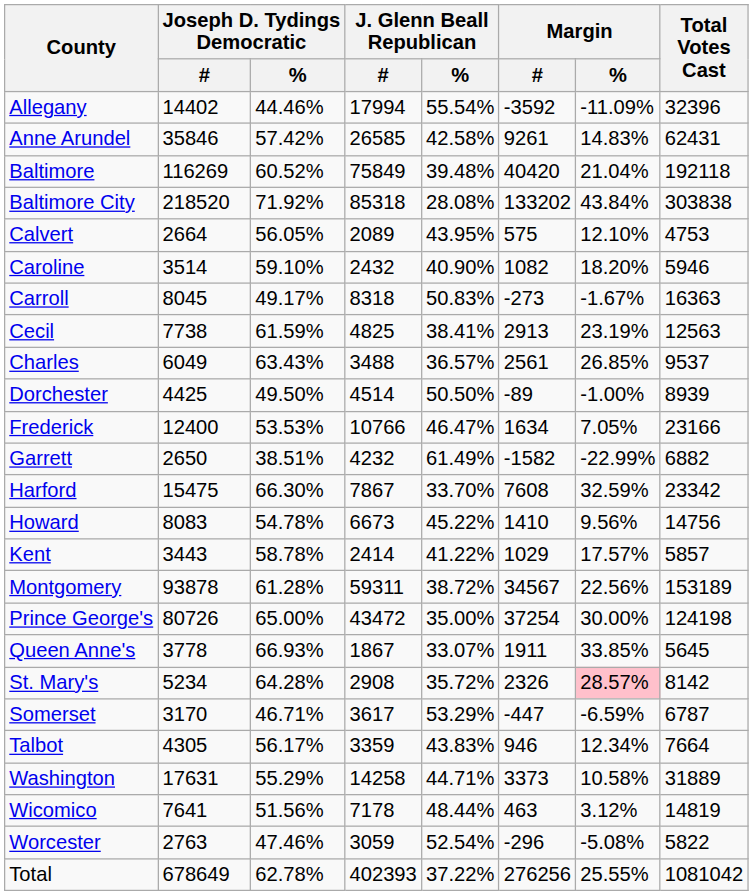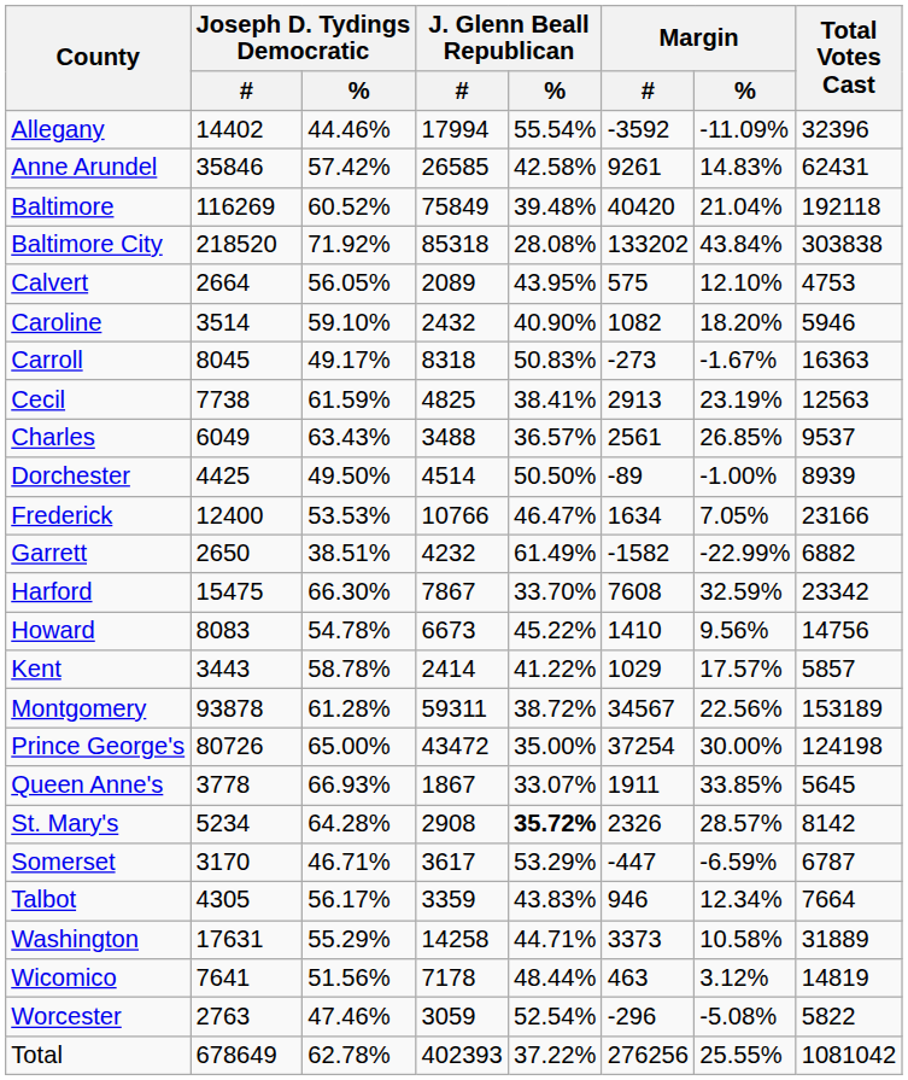 <table class="wikitable sortable">
 <tr>
 <th rowspan="2">County</th>
 <th colspan="2" >Joseph D. Tydings<br>Democratic</th>
 <th colspan="2" >J. Glenn Beall<br>Republican</th>
 <th colspan="2">Margin</th>
 <th rowspan="2">Total<br>Votes<br>Cast</th>
 </tr>
 <tr>
 <th>#</th>
 <th>%</th>
 <th>#</th>
 <th>%</th>
 <th>#</th>
 <th>%</th>
 </tr>
 <tr>
 <td><a href='#'>Allegany</a></td>
 <td>14402</td>
 <td>44.46%</td>
 <td>17994</td>
 <td>55.54%</td>
 <td>-3592</td>
 <td>-11.09%</td>
 <td>32396</td>
 </tr>
 <tr>
 <td><a href='#'>Anne Arundel</a></td>
 <td>35846</td>
 <td>57.42%</td>
 <td>26585</td>
 <td>42.58%</td>
 <td>9261</td>
 <td>14.83%</td>
 <td>62431</td>
 </tr>
 <tr>
 <td><a href='#'>Baltimore</a></td>
 <td>116269</td>
 <td>60.52%</td>
 <td>75849</td>
 <td>39.48%</td>
 <td>40420</td>
 <td>21.04%</td>
 <td>192118</td>
 </tr>
 <tr>
 <td><a href='#'>Baltimore City</a></td>
 <td>218520</td>
 <td>71.92%</td>
 <td>85318</td>
 <td>28.08%</td>
 <td>133202</td>
 <td>43.84%</td>
 <td>303838</td>
 </tr>
 <tr>
 <td><a href='#'>Calvert</a></td>
 <td>2664</td>
 <td>56.05%</td>
 <td>2089</td>
 <td>43.95%</td>
 <td>575</td>
 <td>12.10%</td>
 <td>4753</td>
 </tr>
 <tr>
 <td><a href='#'>Caroline</a></td>
 <td>3514</td>
 <td>59.10%</td>
 <td>2432</td>
 <td>40.90%</td>
 <td>1082</td>
 <td>18.20%</td>
 <td>5946</td>
 </tr>
 <tr>
 <td><a href='#'>Carroll</a></td>
 <td>8045</td>
 <td>49.17%</td>
 <td>8318</td>
 <td>50.83%</td>
 <td>-273</td>
 <td>-1.67%</td>
 <td>16363</td>
 </tr>
 <tr>
 <td><a href='#'>Cecil</a></td>
 <td>7738</td>
 <td>61.59%</td>
 <td>4825</td>
 <td>38.41%</td>
 <td>2913</td>
 <td>23.19%</td>
 <td>12563</td>
 </tr>
 <tr>
 <td><a href='#'>Charles</a></td>
 <td>6049</td>
 <td>63.43%</td>
 <td>3488</td>
 <td>36.57%</td>
 <td>2561</td>
 <td>26.85%</td>
 <td>9537</td>
 </tr>
 <tr>
 <td><a href='#'>Dorchester</a></td>
 <td>4425</td>
 <td>49.50%</td>
 <td>4514</td>
 <td>50.50%</td>
 <td>-89</td>
 <td>-1.00%</td>
 <td>8939</td>
 </tr>
 <tr>
 <td><a href='#'>Frederick</a></td>
 <td>12400</td>
 <td>53.53%</td>
 <td>10766</td>
 <td>46.47%</td>
 <td>1634</td>
 <td>7.05%</td>
 <td>23166</td>
 </tr>
 <tr>
 <td><a href='#'>Garrett</a></td>
 <td>2650</td>
 <td>38.51%</td>
 <td>4232</td>
 <td>61.49%</td>
 <td>-1582</td>
 <td>-22.99%</td>
 <td>6882</td>
 </tr>
 <tr>
 <td><a href='#'>Harford</a></td>
 <td>15475</td>
 <td>66.30%</td>
 <td>7867</td>
 <td>33.70%</td>
 <td>7608</td>
 <td>32.59%</td>
 <td>23342</td>
 </tr>
 <tr>
 <td><a href='#'>Howard</a></td>
 <td>8083</td>
 <td>54.78%</td>
 <td>6673</td>
 <td>45.22%</td>
 <td>1410</td>
 <td>9.56%</td>
 <td>14756</td>
 </tr>
 <tr>
 <td><a href='#'>Kent</a></td>
 <td>3443</td>
 <td>58.78%</td>
 <td>2414</td>
 <td>41.22%</td>
 <td>1029</td>
 <td>17.57%</td>
 <td>5857</td>
 </tr>
 <tr>
 <td><a href='#'>Montgomery</a></td>
 <td>93878</td>
 <td>61.28%</td>
 <td>59311</td>
 <td>38.72%</td>
 <td>34567</td>
 <td>22.56%</td>
 <td>153189</td>
 </tr>
 <tr>
 <td><a href='#'>Prince George's</a></td>
 <td>80726</td>
 <td>65.00%</td>
 <td>43472</td>
 <td>35.00%</td>
 <td>37254</td>
 <td>30.00%</td>
 <td>124198</td>
 </tr>
 <tr>
 <td><a href='#'>Queen Anne's</a></td>
 <td>3778</td>
 <td>66.93%</td>
 <td>1867</td>
 <td>33.07%</td>
 <td>1911</td>
 <td>33.85%</td>
 <td>5645</td>
 </tr>
 <tr>
 <td><a href='#'>St. Mary's</a></td>
 <td>5234</td>
 <td>64.28%</td>
 <td>2908</td>
-<td>35.72%</td>
+<td><strong>35.72%</strong></td>
 <td>2326</td>
-<td style="background: pink;">28.57%</td>
+<td>28.57%</td>
 <td>8142</td>
 </tr>
 <tr>
 <td><a href='#'>Somerset</a></td>
 <td>3170</td>
 <td>46.71%</td>
 <td>3617</td>
 <td>53.29%</td>
 <td>-447</td>
 <td>-6.59%</td>
 <td>6787</td>
 </tr>
 <tr>
 <td><a href='#'>Talbot</a></td>
 <td>4305</td>
 <td>56.17%</td>
 <td>3359</td>
 <td>43.83%</td>
 <td>946</td>
 <td>12.34%</td>
 <td>7664</td>
 </tr>
 <tr>
 <td><a href='#'>Washington</a></td>
 <td>17631</td>
 <td>55.29%</td>
 <td>14258</td>
 <td>44.71%</td>
 <td>3373</td>
 <td>10.58%</td>
 <td>31889</td>
 </tr>
 <tr>
 <td><a href='#'>Wicomico</a></td>
 <td>7641</td>
 <td>51.56%</td>
 <td>7178</td>
 <td>48.44%</td>
 <td>463</td>
 <td>3.12%</td>
 <td>14819</td>
 </tr>
 <tr>
 <td><a href='#'>Worcester</a></td>
 <td>2763</td>
 <td>47.46%</td>
 <td>3059</td>
 <td>52.54%</td>
 <td>-296</td>
 <td>-5.08%</td>
 <td>5822</td>
 </tr>
 <tr>
 <td>Total</td>
 <td>678649</td>
 <td>62.78%</td>
 <td>402393</td>
 <td>37.22%</td>
 <td>276256</td>
 <td>25.55%</td>
 <td>1081042</td>
 </tr>
 </table>
